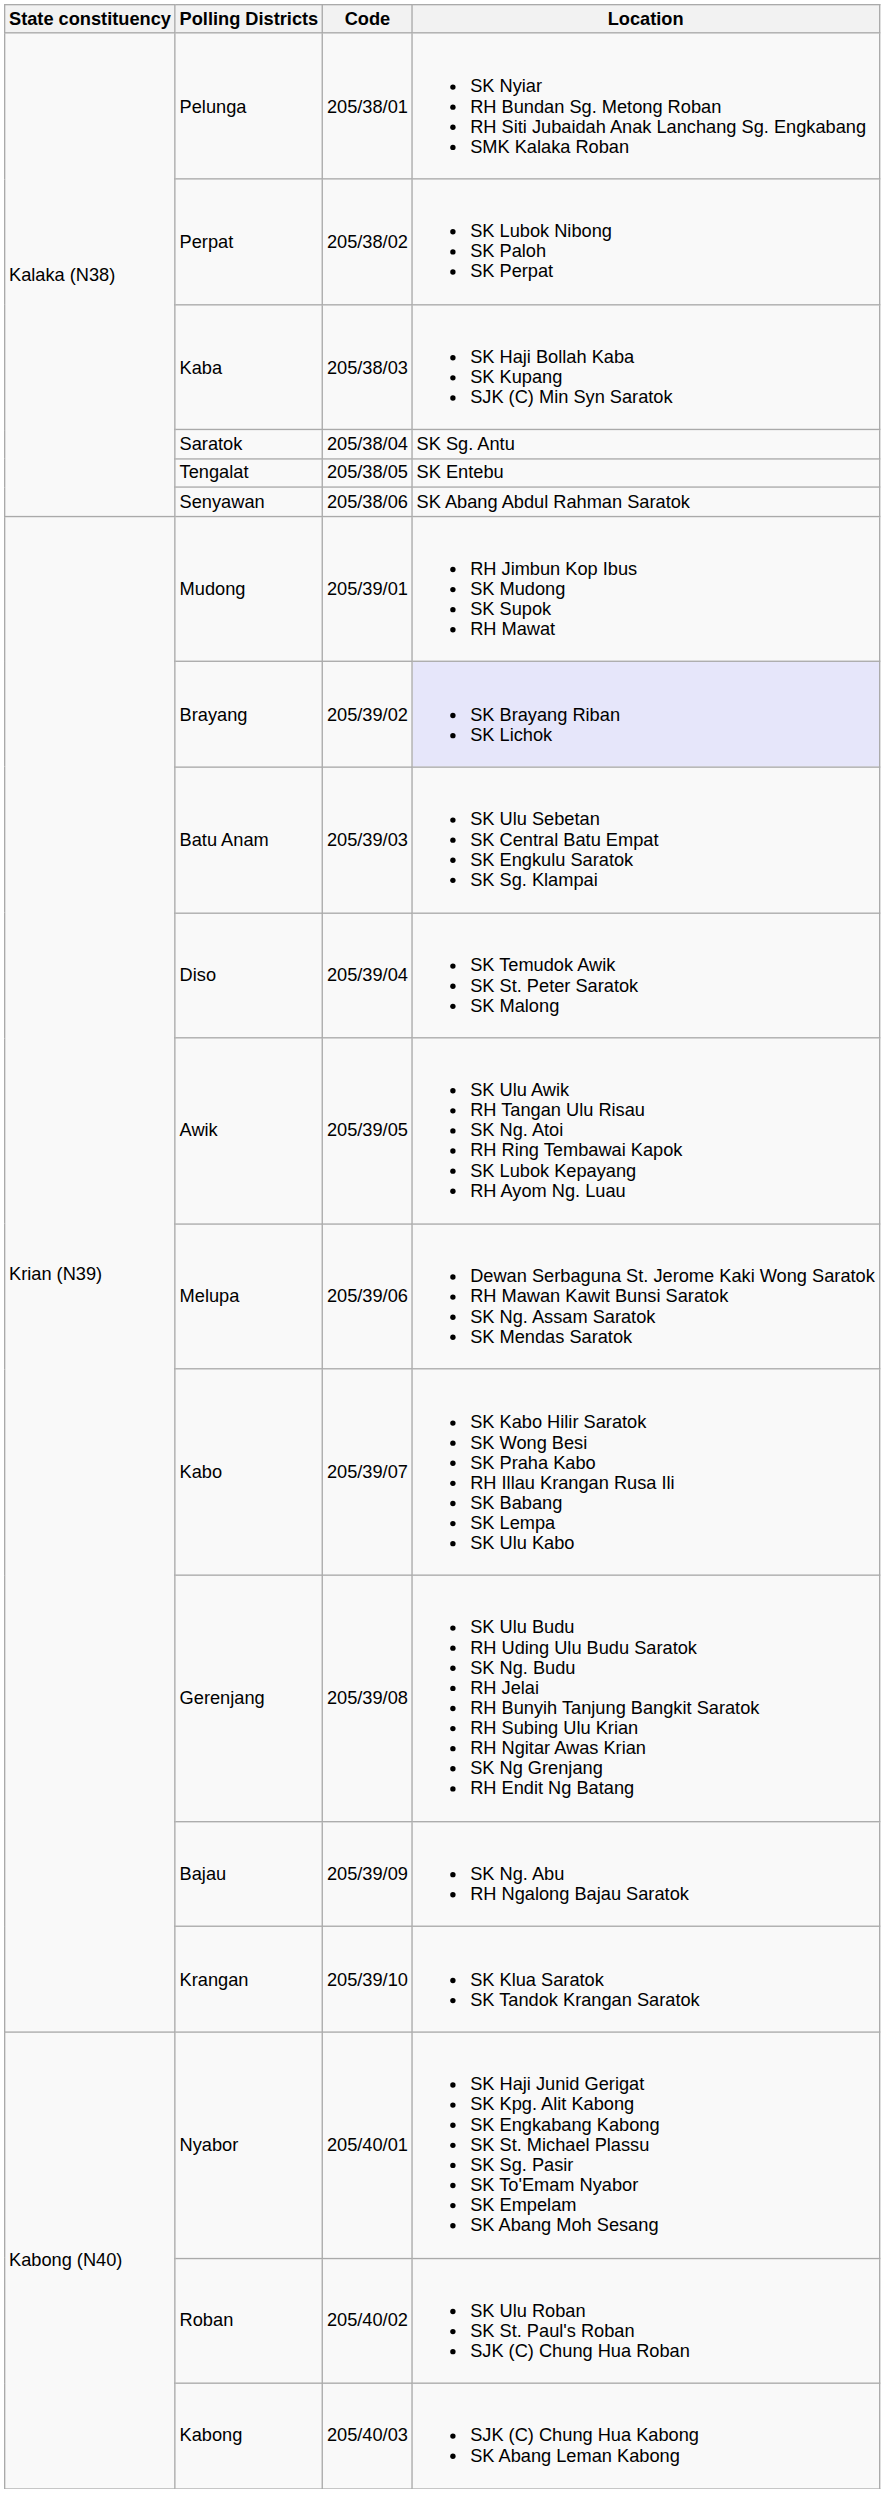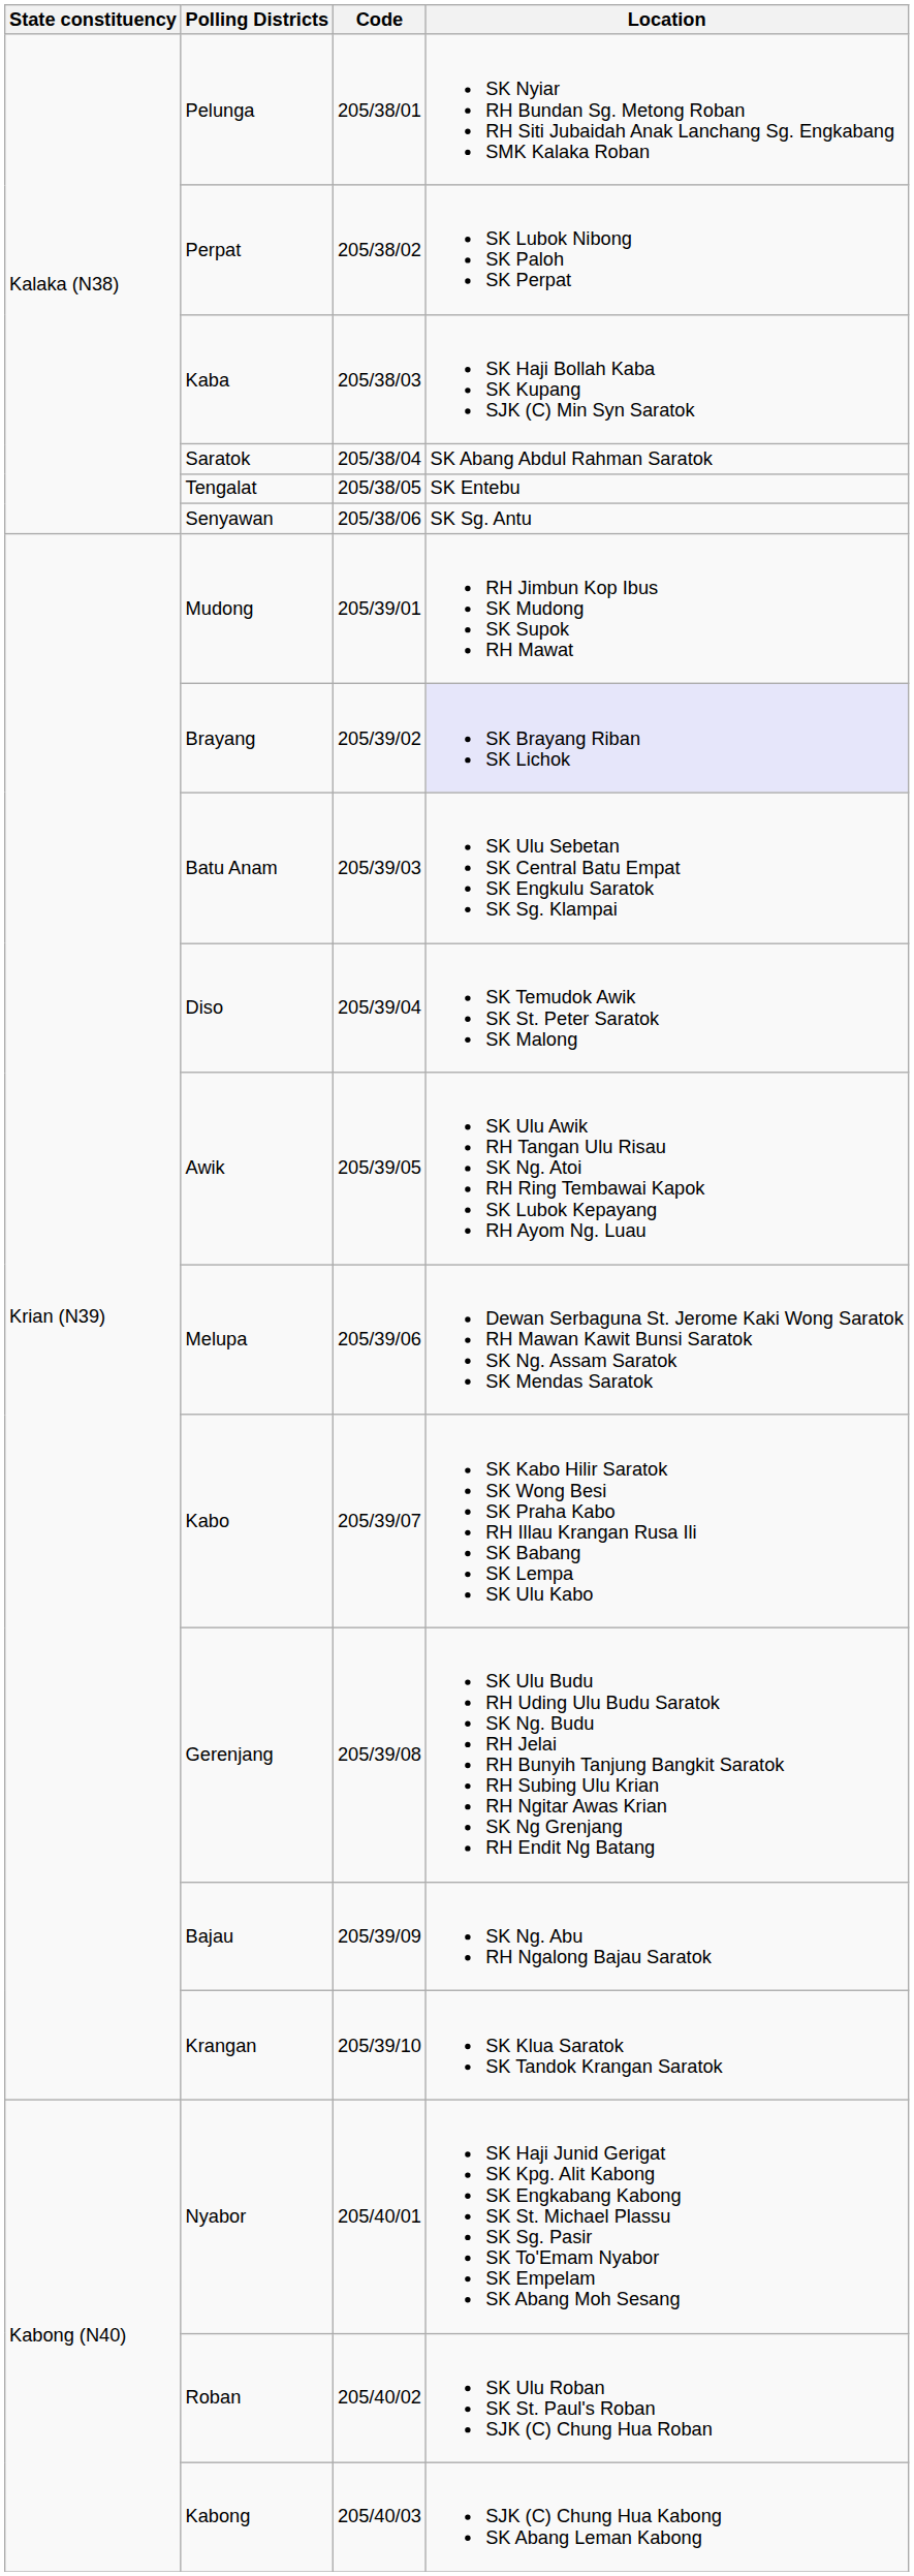 <table class="wikitable sortable mw-collapsible" style="white-space:nowrap;font-size:85%">
 <tr>
 <th>State constituency</th>
 <th>Polling Districts</th>
 <th>Code</th>
 <th>Location</th>
 </tr>
 <tr>
 <td rowspan="6">Kalaka (N38)</td>
 <td>Pelunga</td>
 <td>205/38/01</td>
 <td><br><ul><li>SK Nyiar</li><li>RH Bundan Sg. Metong Roban</li><li>RH Siti Jubaidah Anak Lanchang Sg. Engkabang</li><li>SMK Kalaka Roban</li></ul></td>
 </tr>
 <tr>
 <td>Perpat</td>
 <td>205/38/02</td>
 <td><br><ul><li>SK Lubok Nibong</li><li>SK Paloh</li><li>SK Perpat</li></ul></td>
 </tr>
 <tr>
 <td>Kaba</td>
 <td>205/38/03</td>
 <td><br><ul><li>SK Haji Bollah Kaba</li><li>SK Kupang</li><li>SJK (C) Min Syn Saratok</li></ul></td>
 </tr>
 <tr>
 <td>Saratok</td>
 <td>205/38/04</td>
-<td>SK Sg. Antu</td>
+<td>SK Abang Abdul Rahman Saratok</td>
 </tr>
 <tr>
 <td>Tengalat</td>
 <td>205/38/05</td>
 <td>SK Entebu</td>
 </tr>
 <tr>
 <td>Senyawan</td>
 <td>205/38/06</td>
-<td>SK Abang Abdul Rahman Saratok</td>
+<td>SK Sg. Antu</td>
 </tr>
 <tr>
 <td rowspan="10">Krian (N39)</td>
 <td>Mudong</td>
 <td>205/39/01</td>
 <td><br><ul><li>RH Jimbun Kop Ibus</li><li>SK Mudong</li><li>SK Supok</li><li>RH Mawat</li></ul></td>
 </tr>
 <tr>
 <td>Brayang</td>
 <td>205/39/02</td>
 <td style="background: lavender;"><br><ul><li>SK Brayang Riban</li><li>SK Lichok</li></ul></td>
 </tr>
 <tr>
 <td>Batu Anam</td>
 <td>205/39/03</td>
 <td><br><ul><li>SK Ulu Sebetan</li><li>SK Central Batu Empat</li><li>SK Engkulu Saratok</li><li>SK Sg. Klampai</li></ul></td>
 </tr>
 <tr>
 <td>Diso</td>
 <td>205/39/04</td>
 <td><br><ul><li>SK Temudok Awik</li><li>SK St. Peter Saratok</li><li>SK Malong</li></ul></td>
 </tr>
 <tr>
 <td>Awik</td>
 <td>205/39/05</td>
 <td><br><ul><li>SK Ulu Awik</li><li>RH Tangan Ulu Risau</li><li>SK Ng. Atoi</li><li>RH Ring Tembawai Kapok</li><li>SK Lubok Kepayang</li><li>RH Ayom Ng. Luau</li></ul></td>
 </tr>
 <tr>
 <td>Melupa</td>
 <td>205/39/06</td>
 <td><br><ul><li>Dewan Serbaguna St. Jerome Kaki Wong Saratok</li><li>RH Mawan Kawit Bunsi Saratok</li><li>SK Ng. Assam Saratok</li><li>SK Mendas Saratok</li></ul></td>
 </tr>
 <tr>
 <td>Kabo</td>
 <td>205/39/07</td>
 <td><br><ul><li>SK Kabo Hilir Saratok</li><li>SK Wong Besi</li><li>SK Praha Kabo</li><li>RH Illau Krangan Rusa Ili</li><li>SK Babang</li><li>SK Lempa</li><li>SK Ulu Kabo</li></ul></td>
 </tr>
 <tr>
 <td>Gerenjang</td>
 <td>205/39/08</td>
 <td><br><ul><li>SK Ulu Budu</li><li>RH Uding Ulu Budu Saratok</li><li>SK Ng. Budu</li><li>RH Jelai</li><li>RH Bunyih Tanjung Bangkit Saratok</li><li>RH Subing Ulu Krian</li><li>RH Ngitar Awas Krian</li><li>SK Ng Grenjang</li><li>RH Endit Ng Batang</li></ul></td>
 </tr>
 <tr>
 <td>Bajau</td>
 <td>205/39/09</td>
 <td><br><ul><li>SK Ng. Abu</li><li>RH Ngalong Bajau Saratok</li></ul></td>
 </tr>
 <tr>
 <td>Krangan</td>
 <td>205/39/10</td>
 <td><br><ul><li>SK Klua Saratok</li><li>SK Tandok Krangan Saratok</li></ul></td>
 </tr>
 <tr>
 <td rowspan="3">Kabong (N40)</td>
 <td>Nyabor</td>
 <td>205/40/01</td>
 <td><br><ul><li>SK Haji Junid Gerigat</li><li>SK Kpg. Alit Kabong</li><li>SK Engkabang Kabong</li><li>SK St. Michael Plassu</li><li>SK Sg. Pasir</li><li>SK To'Emam Nyabor</li><li>SK Empelam</li><li>SK Abang Moh Sesang</li></ul></td>
 </tr>
 <tr>
 <td>Roban</td>
 <td>205/40/02</td>
 <td><br><ul><li>SK Ulu Roban</li><li>SK St. Paul's Roban</li><li>SJK (C) Chung Hua Roban</li></ul></td>
 </tr>
 <tr>
 <td>Kabong</td>
 <td>205/40/03</td>
 <td><br><ul><li>SJK (C) Chung Hua Kabong</li><li>SK Abang Leman Kabong</li></ul></td>
 </tr>
 </table>
